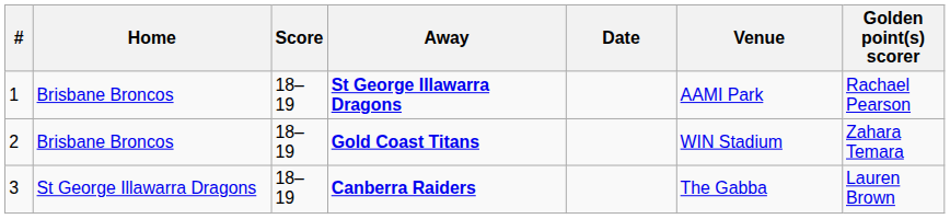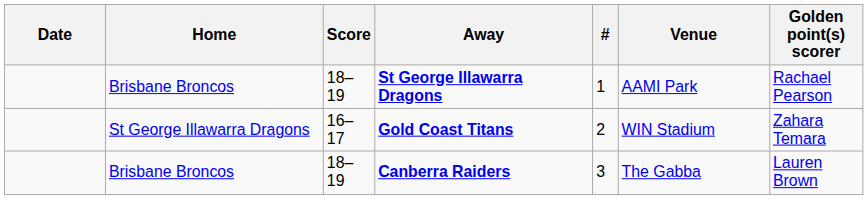 <table class="wikitable sortable">
 <tr>
-<th width=3%>#</th>
+<th width=12%>Date</th>
 <th width=26%>Home</th>
 <th width=4%>Score</th>
 <th width=26%>Away</th>
-<th width=12%>Date</th>
+<th width=3%>#</th>
 <th width=18%>Venue</th>
 <th width=17%>Golden point(s) scorer</th>
 </tr>
 <tr>
-<td>1</td>
+<td></td>
 <td align=left> <a href='#'>Brisbane Broncos</a></td>
 <td>18–19</td>
 <td align=left> <strong><a href='#'>St George Illawarra Dragons</a></strong></td>
-<td></td>
+<td>1</td>
 <td><a href='#'>AAMI Park</a></td>
 <td><a href='#'>Rachael Pearson</a></td>
 </tr>
 <tr>
+<td></td>
+<td align=left> <a href='#'>St George Illawarra Dragons</a></td>
+<td>16–17</td>
+<td align=left> <strong><a href='#'>Gold Coast Titans</a></strong></td>
 <td>2</td>
-<td align=left> <a href='#'>Brisbane Broncos</a></td>
-<td>18–19</td>
-<td align=left> <strong><a href='#'>Gold Coast Titans</a></strong></td>
-<td></td>
 <td><a href='#'>WIN Stadium</a></td>
 <td><a href='#'>Zahara Temara</a></td>
 </tr>
 <tr>
-<td>3</td>
-<td align=left> <a href='#'>St George Illawarra Dragons</a></td>
+<td></td>
+<td align=left> <a href='#'>Brisbane Broncos</a></td>
 <td>18–19</td>
 <td align=left> <strong><a href='#'>Canberra Raiders</a></strong></td>
-<td></td>
+<td>3</td>
 <td><a href='#'>The Gabba</a></td>
 <td><a href='#'>Lauren Brown</a></td>
 </tr>
 </table>
